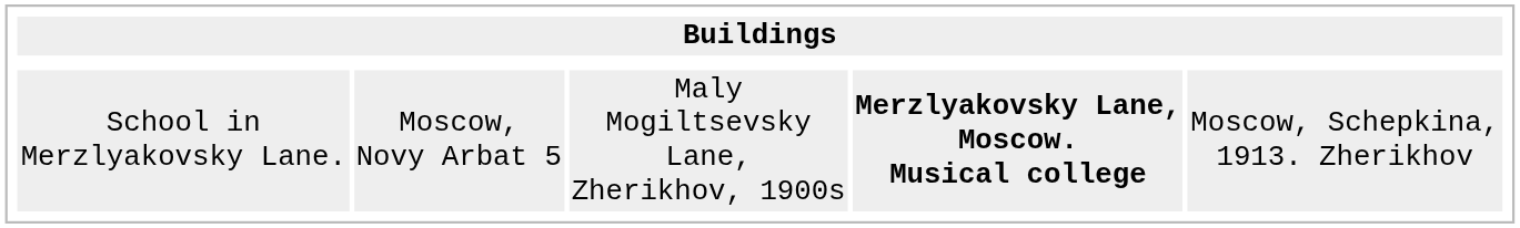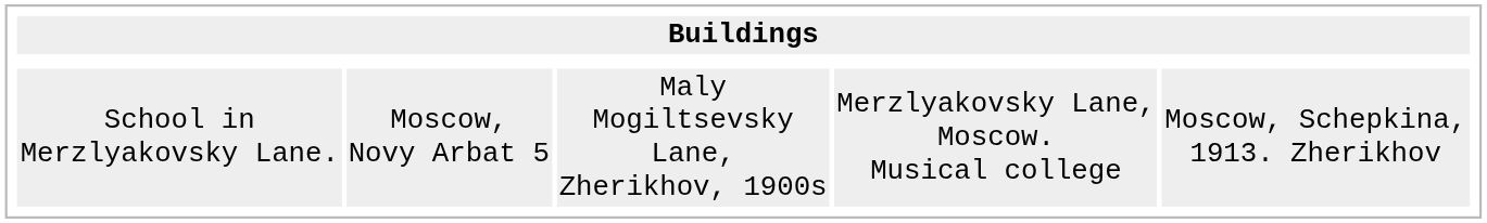 <table style="margin:1em auto; padding:2px; border: 1px solid #BBB; text-align:center; font-size:90%">
 <tr>
 <th colspan="5" style="background:#EEE">Buildings</th>
 </tr>
 <tr>
 <td></td>
 <td></td>
 <td></td>
 <td></td>
 <td></td>
 </tr>
 <tr style="background:#EEE">
 <td>School in<br>Merzlyakovsky Lane.</td>
 <td>Moscow,<br>Novy Arbat 5</td>
 <td>Maly<br>Mogiltsevsky<br>Lane, <br>Zherikhov, 1900s</td>
-<td><strong>Merzlyakovsky Lane,<br>Moscow.<br>Musical college</strong></td>
+<td>Merzlyakovsky Lane,<br>Moscow.<br>Musical college</td>
 <td>Moscow, Schepkina,<br>1913. Zherikhov</td>
 </tr>
 </table>
